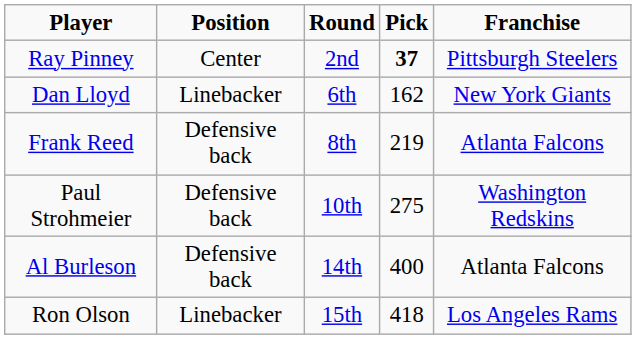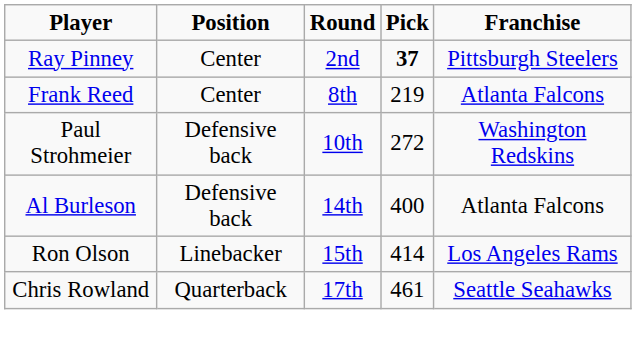 <table class="wikitable" width="50%">
 <tr align="center">
 <td><strong>Player</strong></td>
 <td><strong>Position</strong></td>
 <td><strong>Round</strong></td>
 <td><strong>Pick</strong></td>
 <td><strong>Franchise</strong></td>
 </tr>
 <tr align="center" bgcolor="">
 <td><a href='#'>Ray Pinney</a></td>
 <td>Center</td>
 <td><a href='#'>2nd</a></td>
 <td><strong>37</strong></td>
 <td><a href='#'>Pittsburgh Steelers</a></td>
 </tr>
 <tr align="center" bgcolor="">
-<td><a href='#'>Dan Lloyd</a></td>
-<td>Linebacker</td>
-<td><a href='#'>6th</a></td>
-<td>162</td>
-<td><a href='#'>New York Giants</a></td>
-</tr>
-<tr align="center" bgcolor="">
 <td><a href='#'>Frank Reed</a></td>
-<td>Defensive back</td>
+<td>Center</td>
 <td><a href='#'>8th</a></td>
 <td>219</td>
 <td><a href='#'>Atlanta Falcons</a></td>
 </tr>
 <tr align="center" bgcolor="">
 <td>Paul Strohmeier</td>
 <td>Defensive back</td>
 <td><a href='#'>10th</a></td>
-<td>275</td>
+<td>272</td>
 <td><a href='#'>Washington Redskins</a></td>
 </tr>
 <tr align="center" bgcolor="">
 <td><a href='#'>Al Burleson</a></td>
 <td>Defensive back</td>
 <td><a href='#'>14th</a></td>
 <td>400</td>
 <td>Atlanta Falcons</td>
 </tr>
 <tr align="center" bgcolor="">
 <td>Ron Olson</td>
 <td>Linebacker</td>
 <td><a href='#'>15th</a></td>
-<td>418</td>
+<td>414</td>
 <td><a href='#'>Los Angeles Rams</a></td>
 </tr>
+<tr align="center" bgcolor="">
+<td>Chris Rowland</td>
+<td>Quarterback</td>
+<td><a href='#'>17th</a></td>
+<td>461</td>
+<td><a href='#'>Seattle Seahawks</a></td>
+</tr>
 </table>
